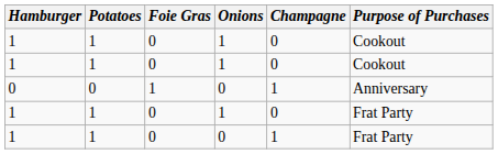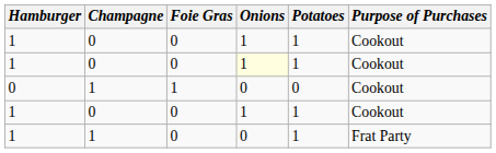 <table class="wikitable">
 <tr>
 <th><em>Hamburger</em></th>
-<th><em>Potatoes</em></th>
+<th><em>Champagne</em></th>
 <th><em>Foie Gras</em></th>
 <th><em>Onions</em></th>
-<th><em>Champagne</em></th>
+<th><em>Potatoes</em></th>
 <th><em>Purpose of Purchases</em></th>
 </tr>
 <tr>
 <td>1</td>
+<td>0</td>
+<td>0</td>
+<td>1</td>
+<td>1</td>
+<td>Cookout</td>
+</tr>
+<tr>
 <td>1</td>
 <td>0</td>
+<td>0</td>
+<td style="background: lightyellow;">1</td>
 <td>1</td>
+<td>Cookout</td>
+</tr>
+<tr>
+<td>0</td>
+<td>1</td>
+<td>1</td>
+<td>0</td>
 <td>0</td>
 <td>Cookout</td>
 </tr>
 <tr>
 <td>1</td>
-<td>1</td>
-<td>0</td>
-<td>1</td>
-<td>0</td>
-<td>Cookout</td>
-</tr>
-<tr>
 <td>0</td>
 <td>0</td>
 <td>1</td>
-<td>0</td>
 <td>1</td>
-<td>Anniversary</td>
-</tr>
-<tr>
-<td>1</td>
-<td>1</td>
-<td>0</td>
-<td>1</td>
-<td>0</td>
-<td>Frat Party</td>
+<td>Cookout</td>
 </tr>
 <tr>
 <td>1</td>
 <td>1</td>
 <td>0</td>
 <td>0</td>
 <td>1</td>
 <td>Frat Party</td>
 </tr>
 </table>
